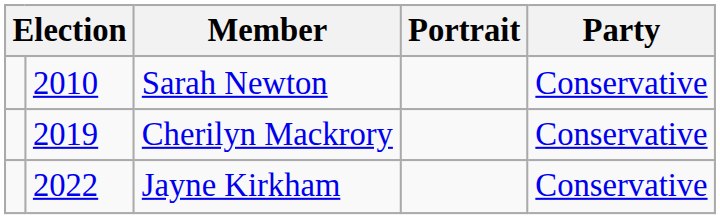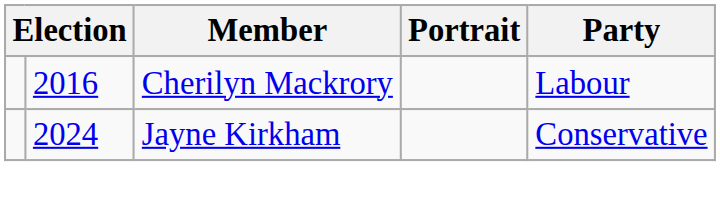 <table class="wikitable">
 <tr>
 <th colspan="2">Election</th>
 <th>Member</th>
 <th>Portrait</th>
 <th>Party</th>
 </tr>
 <tr>
 <td style="color:inherit;background-color: "></td>
-<td><a href='#'>2010</a></td>
-<td><a href='#'>Sarah Newton</a></td>
+<td><a href='#'>2016</a></td>
+<td><a href='#'>Cherilyn Mackrory</a></td>
 <td></td>
-<td><a href='#'>Conservative</a></td>
+<td><a href='#'>Labour</a></td>
 </tr>
 <tr>
 <td style="color:inherit;background-color: "></td>
-<td><a href='#'>2019</a></td>
-<td><a href='#'>Cherilyn Mackrory</a></td>
-<td></td>
-<td><a href='#'>Conservative</a></td>
-</tr>
-<tr>
-<td style="color:inherit;background-color: "></td>
-<td><a href='#'>2022</a></td>
+<td><a href='#'>2024</a></td>
 <td><a href='#'>Jayne Kirkham</a></td>
 <td></td>
 <td><a href='#'>Conservative</a></td>
 </tr>
 </table>
